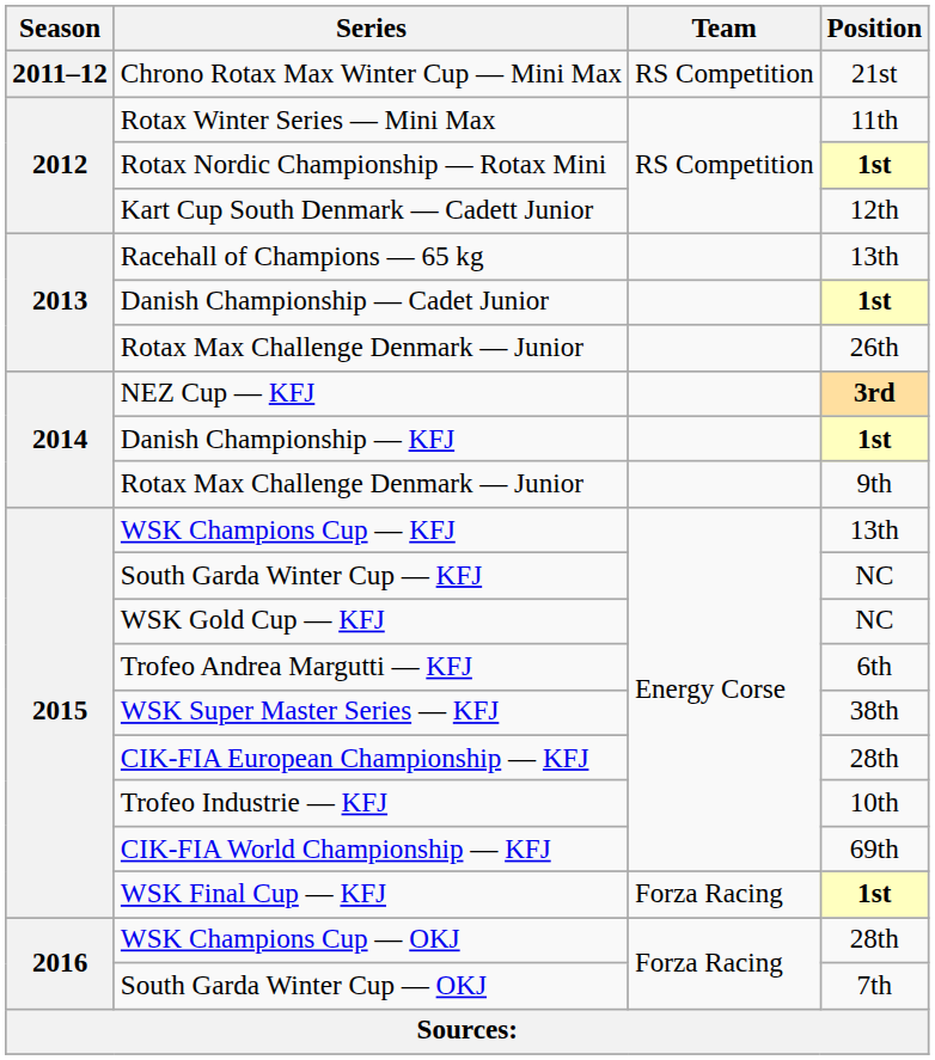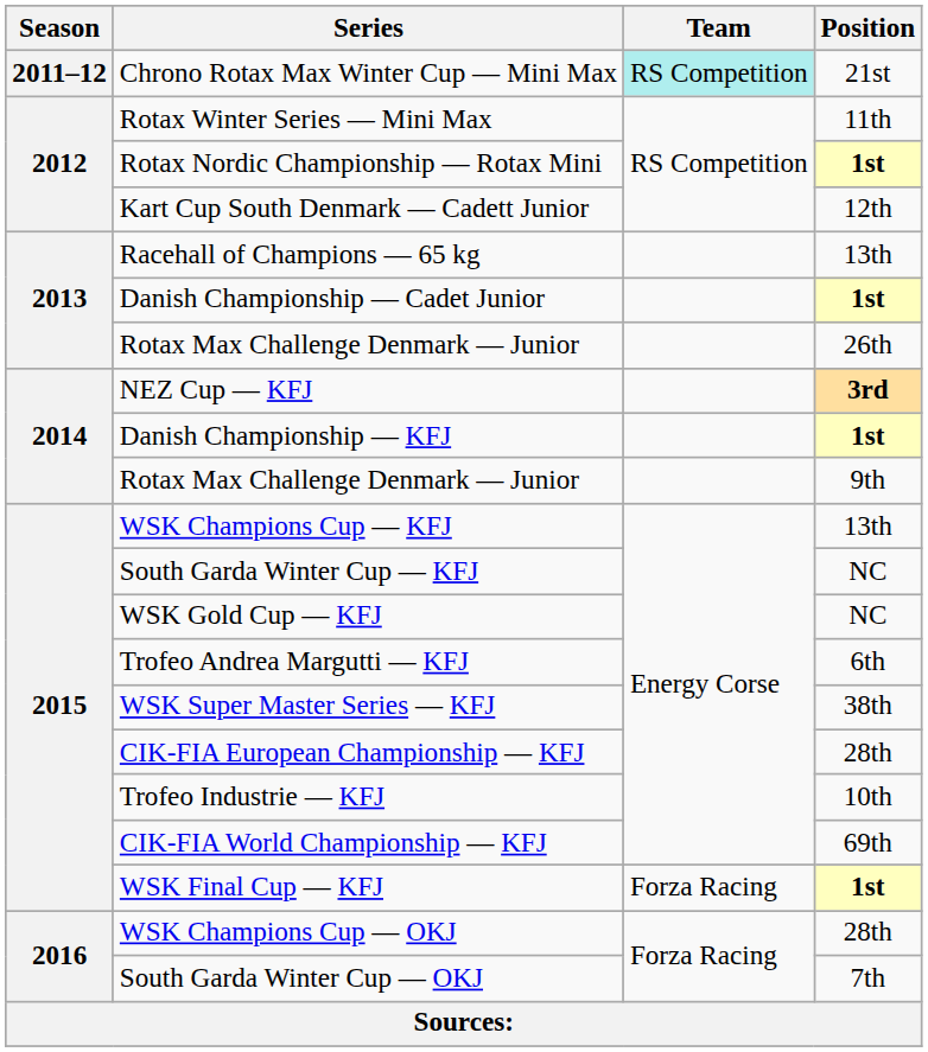 <table class="wikitable" style="font-size: 85%; text-align:center">
 <tr>
 <th>Season</th>
 <th>Series</th>
 <th>Team</th>
 <th>Position</th>
 </tr>
 <tr>
 <th>2011–12</th>
 <td align="left">Chrono Rotax Max Winter Cup — Mini Max</td>
-<td align="left">RS Competition</td>
+<td align="left" style="background: paleturquoise;">RS Competition</td>
 <td>21st</td>
 </tr>
 <tr>
 <th rowspan="3">2012</th>
 <td align="left">Rotax Winter Series — Mini Max</td>
 <td rowspan="3" align="left">RS Competition</td>
 <td>11th</td>
 </tr>
 <tr>
 <td align="left">Rotax Nordic Championship — Rotax Mini</td>
 <td style="background:#FFFFBF;"><strong>1st</strong></td>
 </tr>
 <tr>
 <td align="left">Kart Cup South Denmark — Cadett Junior</td>
 <td>12th</td>
 </tr>
 <tr>
 <th rowspan="3">2013</th>
 <td align="left">Racehall of Champions — 65 kg</td>
 <td align="left"></td>
 <td>13th</td>
 </tr>
 <tr>
 <td align="left">Danish Championship — Cadet Junior</td>
 <td align="left"></td>
 <td style="background:#FFFFBF;"><strong>1st</strong></td>
 </tr>
 <tr>
 <td align="left">Rotax Max Challenge Denmark — Junior</td>
 <td align="left"></td>
 <td>26th</td>
 </tr>
 <tr>
 <th rowspan="3">2014</th>
 <td align="left">NEZ Cup — <a href='#'>KFJ</a></td>
 <td align="left"></td>
 <td style="background:#FFDF9F;"><strong>3rd</strong></td>
 </tr>
 <tr>
 <td align="left">Danish Championship — <a href='#'>KFJ</a></td>
 <td align="left"></td>
 <td style="background:#FFFFBF;"><strong>1st</strong></td>
 </tr>
 <tr>
 <td align="left">Rotax Max Challenge Denmark — Junior</td>
 <td align="left"></td>
 <td>9th</td>
 </tr>
 <tr>
 <th rowspan="9">2015</th>
 <td align="left"><a href='#'>WSK Champions Cup</a> — <a href='#'>KFJ</a></td>
 <td rowspan="8" align="left">Energy Corse</td>
 <td>13th</td>
 </tr>
 <tr>
 <td align="left">South Garda Winter Cup — <a href='#'>KFJ</a></td>
 <td>NC</td>
 </tr>
 <tr>
 <td align="left">WSK Gold Cup — <a href='#'>KFJ</a></td>
 <td>NC</td>
 </tr>
 <tr>
 <td align="left">Trofeo Andrea Margutti — <a href='#'>KFJ</a></td>
 <td>6th</td>
 </tr>
 <tr>
 <td align="left"><a href='#'>WSK Super Master Series</a> — <a href='#'>KFJ</a></td>
 <td>38th</td>
 </tr>
 <tr>
 <td align="left"><a href='#'>CIK-FIA European Championship</a> — <a href='#'>KFJ</a></td>
 <td>28th</td>
 </tr>
 <tr>
 <td align="left">Trofeo Industrie — <a href='#'>KFJ</a></td>
 <td>10th</td>
 </tr>
 <tr>
 <td align="left"><a href='#'>CIK-FIA World Championship</a> — <a href='#'>KFJ</a></td>
 <td>69th</td>
 </tr>
 <tr>
 <td align="left"><a href='#'>WSK Final Cup</a> — <a href='#'>KFJ</a></td>
 <td align="left">Forza Racing</td>
 <td style="background:#FFFFBF;"><strong>1st</strong></td>
 </tr>
 <tr>
 <th rowspan="2">2016</th>
 <td align="left"><a href='#'>WSK Champions Cup</a> — <a href='#'>OKJ</a></td>
 <td rowspan="2"  align="left">Forza Racing</td>
 <td>28th</td>
 </tr>
 <tr>
 <td align="left">South Garda Winter Cup — <a href='#'>OKJ</a></td>
 <td>7th</td>
 </tr>
 <tr>
 <th colspan="4">Sources:</th>
 </tr>
 </table>
